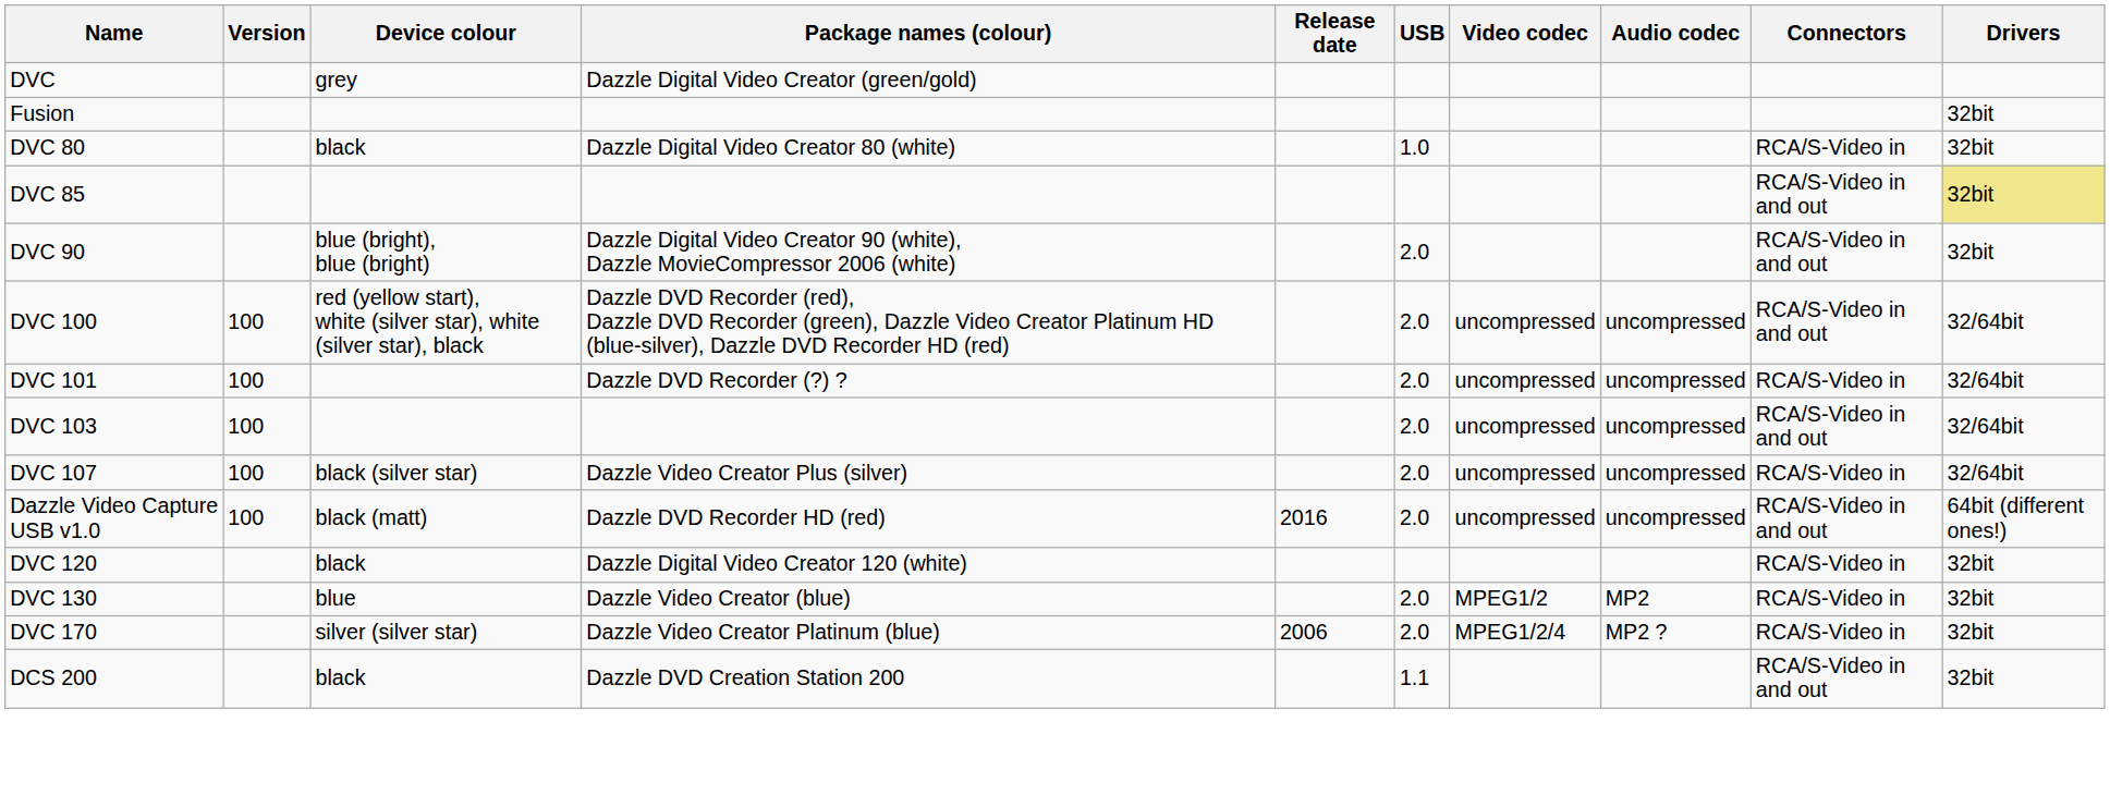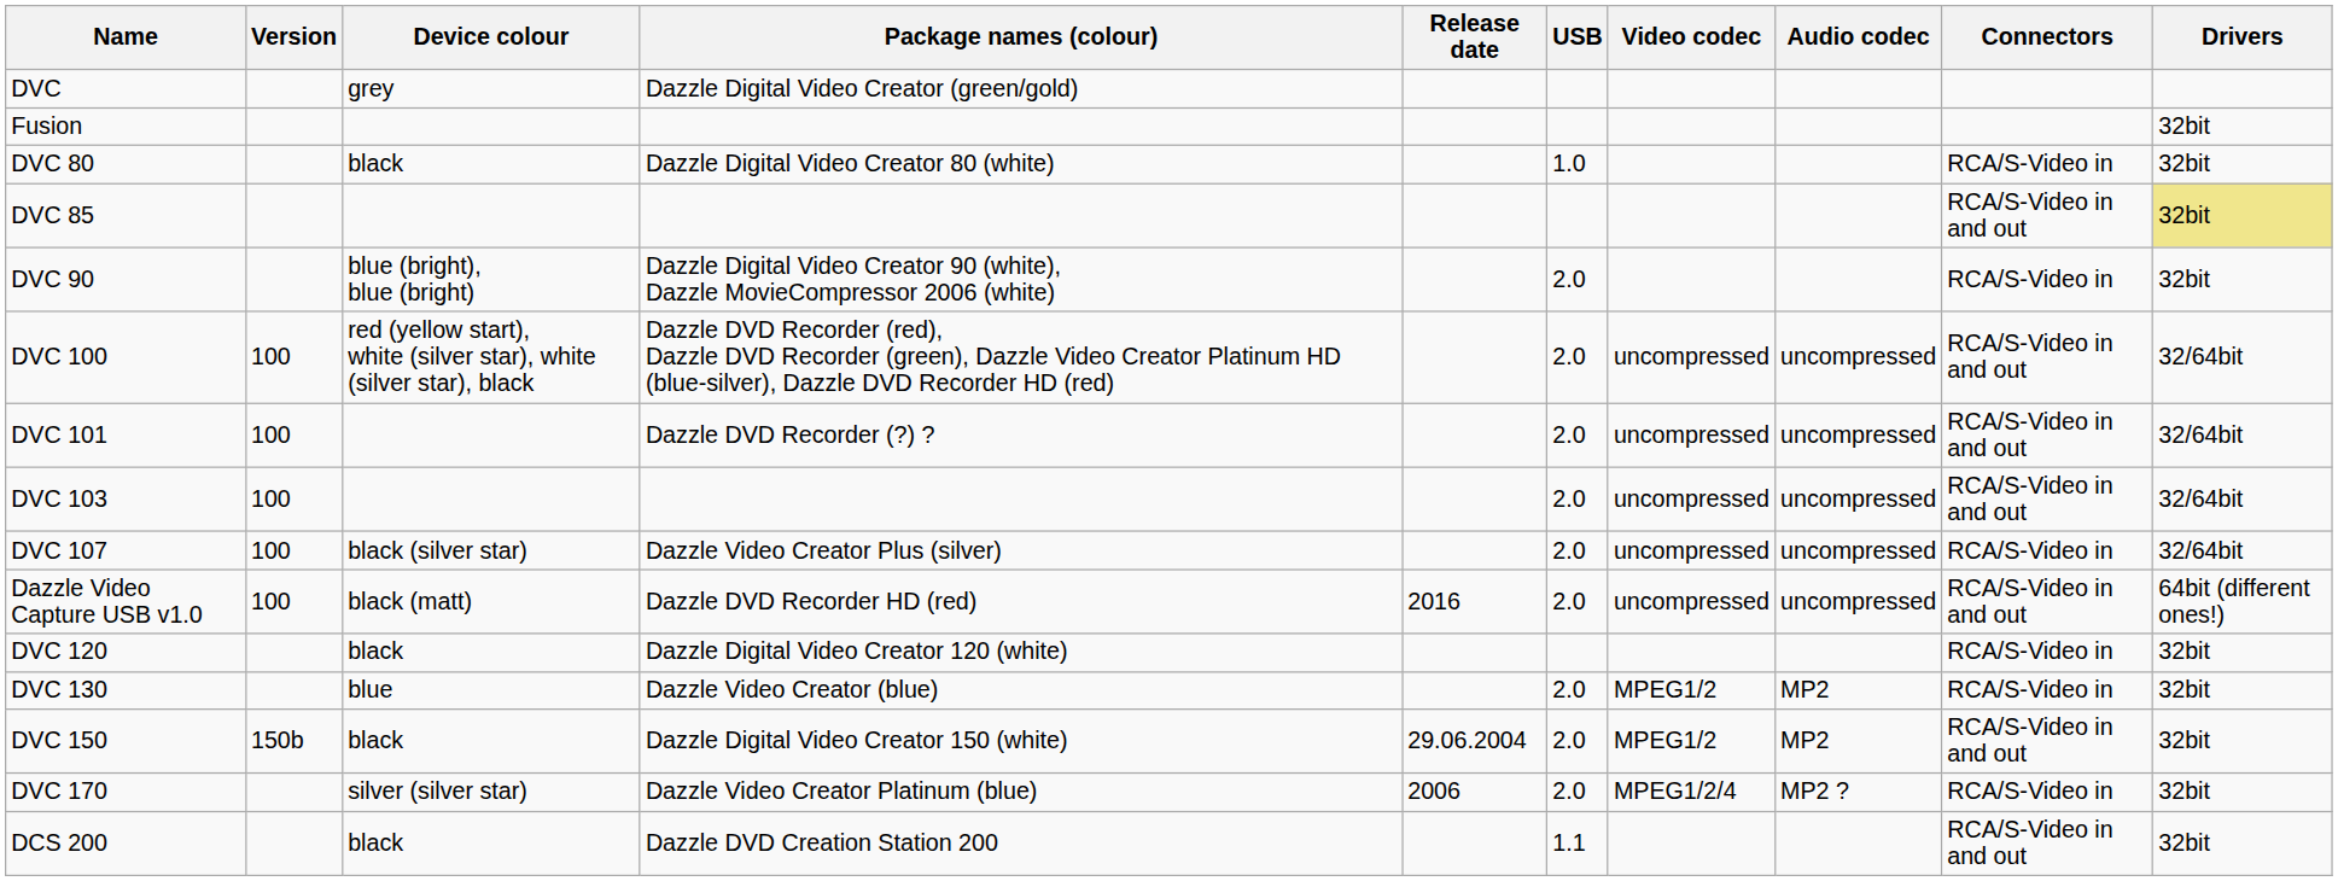 <table class="wikitable">
 <tr>
 <th>Name</th>
 <th>Version</th>
 <th>Device colour</th>
 <th>Package names (colour)</th>
 <th>Release date</th>
 <th>USB</th>
 <th>Video codec</th>
 <th>Audio codec</th>
 <th>Connectors</th>
 <th>Drivers</th>
 </tr>
 <tr>
 <td>DVC</td>
 <td></td>
 <td>grey</td>
 <td>Dazzle Digital Video Creator (green/gold)</td>
 <td></td>
 <td></td>
 <td></td>
 <td></td>
 <td></td>
 <td></td>
 </tr>
 <tr>
 <td>Fusion</td>
 <td></td>
 <td></td>
 <td></td>
 <td></td>
 <td></td>
 <td></td>
 <td></td>
 <td></td>
 <td>32bit</td>
 </tr>
 <tr>
 <td>DVC 80</td>
 <td></td>
 <td>black</td>
 <td>Dazzle Digital Video Creator 80 (white)</td>
 <td></td>
 <td>1.0</td>
 <td></td>
 <td></td>
 <td>RCA/S-Video in</td>
 <td>32bit</td>
 </tr>
 <tr>
 <td>DVC 85</td>
 <td></td>
 <td></td>
 <td></td>
 <td></td>
 <td></td>
 <td></td>
 <td></td>
 <td>RCA/S-Video in and out</td>
 <td style="background: khaki;">32bit</td>
 </tr>
 <tr>
 <td>DVC 90</td>
 <td></td>
 <td>blue (bright),<br>blue (bright)</td>
 <td>Dazzle Digital Video Creator 90  (white),<br>Dazzle MovieCompressor 2006 (white)</td>
 <td></td>
 <td>2.0</td>
 <td></td>
 <td></td>
-<td>RCA/S-Video in and out</td>
+<td>RCA/S-Video in</td>
 <td>32bit</td>
 </tr>
 <tr>
 <td>DVC 100</td>
 <td>100</td>
 <td>red (yellow start),<br>white (silver star), white (silver star), black</td>
 <td>Dazzle DVD Recorder (red),<br>Dazzle DVD Recorder (green), Dazzle Video Creator Platinum HD (blue-silver),  Dazzle DVD Recorder HD (red)</td>
 <td></td>
 <td>2.0</td>
 <td>uncompressed</td>
 <td>uncompressed</td>
 <td>RCA/S-Video in and out</td>
 <td>32/64bit</td>
 </tr>
 <tr>
 <td>DVC 101</td>
 <td>100</td>
 <td></td>
 <td>Dazzle DVD Recorder (?) ?</td>
 <td></td>
 <td>2.0</td>
 <td>uncompressed</td>
 <td>uncompressed</td>
-<td>RCA/S-Video in</td>
+<td>RCA/S-Video in and out</td>
 <td>32/64bit</td>
 </tr>
 <tr>
 <td>DVC 103</td>
 <td>100</td>
 <td></td>
 <td></td>
 <td></td>
 <td>2.0</td>
 <td>uncompressed</td>
 <td>uncompressed</td>
 <td>RCA/S-Video in and out</td>
 <td>32/64bit</td>
 </tr>
 <tr>
 <td>DVC 107</td>
 <td>100</td>
 <td>black (silver star)</td>
 <td>Dazzle Video Creator Plus  (silver)</td>
 <td></td>
 <td>2.0</td>
 <td>uncompressed</td>
 <td>uncompressed</td>
 <td>RCA/S-Video in</td>
 <td>32/64bit</td>
 </tr>
 <tr>
 <td>Dazzle Video Capture USB v1.0</td>
 <td>100</td>
 <td>black (matt)</td>
 <td>Dazzle DVD Recorder HD (red)</td>
 <td>2016</td>
 <td>2.0</td>
 <td>uncompressed</td>
 <td>uncompressed</td>
 <td>RCA/S-Video in and out</td>
 <td>64bit (different ones!)</td>
 </tr>
 <tr>
 <td>DVC 120</td>
 <td></td>
 <td>black</td>
 <td>Dazzle Digital Video Creator 120 (white)</td>
 <td></td>
 <td></td>
 <td></td>
 <td></td>
 <td>RCA/S-Video in</td>
 <td>32bit</td>
 </tr>
 <tr>
 <td>DVC 130</td>
 <td></td>
 <td>blue</td>
 <td>Dazzle Video Creator (blue)</td>
 <td></td>
 <td>2.0</td>
 <td>MPEG1/2</td>
 <td>MP2</td>
 <td>RCA/S-Video in</td>
 <td>32bit</td>
 </tr>
 <tr>
+<td>DVC 150</td>
+<td>150b</td>
+<td>black</td>
+<td>Dazzle Digital Video Creator 150 (white)</td>
+<td>29.06.2004</td>
+<td>2.0</td>
+<td>MPEG1/2</td>
+<td>MP2</td>
+<td>RCA/S-Video in and out</td>
+<td>32bit</td>
+</tr>
+<tr>
 <td>DVC 170</td>
 <td></td>
 <td>silver (silver star)</td>
 <td>Dazzle Video Creator Platinum  (blue)</td>
 <td>2006</td>
 <td>2.0</td>
 <td>MPEG1/2/4</td>
 <td>MP2 ?</td>
 <td>RCA/S-Video in</td>
 <td>32bit</td>
 </tr>
 <tr>
 <td>DCS 200</td>
 <td></td>
 <td>black</td>
 <td>Dazzle DVD Creation Station 200</td>
 <td></td>
 <td>1.1</td>
 <td></td>
 <td></td>
 <td>RCA/S-Video in and out</td>
 <td>32bit</td>
 </tr>
 </table>
